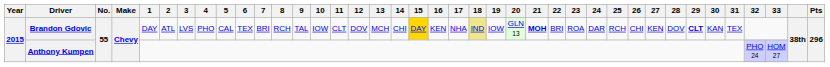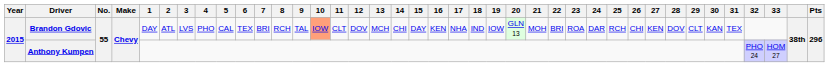 <table class="wikitable" style="text-align:center; font-size:75%">
 <tr>
 <th>Year</th>
 <th>Driver</th>
 <th>No.</th>
 <th>Make</th>
 <th>1</th>
 <th>2</th>
 <th>3</th>
 <th>4</th>
 <th>5</th>
 <th>6</th>
 <th>7</th>
 <th>8</th>
 <th>9</th>
 <th>10</th>
 <th>11</th>
 <th>12</th>
 <th>13</th>
 <th>14</th>
 <th>15</th>
 <th>16</th>
 <th>17</th>
 <th>18</th>
 <th>19</th>
 <th>20</th>
 <th>21</th>
 <th>22</th>
 <th>23</th>
 <th>24</th>
 <th>25</th>
 <th>26</th>
 <th>27</th>
 <th>28</th>
 <th>29</th>
 <th>30</th>
 <th>31</th>
 <th>32</th>
 <th>33</th>
 <th></th>
 <th>Pts</th>
 </tr>
 <tr>
 <th rowspan=2><a href='#'>2015</a></th>
 <th><a href='#'>Brandon Gdovic</a></th>
 <th rowspan=2>55</th>
 <th rowspan=2><a href='#'>Chevy</a></th>
 <td><a href='#'>DAY</a></td>
 <td><a href='#'>ATL</a></td>
 <td><a href='#'>LVS</a></td>
 <td><a href='#'>PHO</a></td>
 <td><a href='#'>CAL</a></td>
 <td><a href='#'>TEX</a></td>
 <td><a href='#'>BRI</a></td>
 <td><a href='#'>RCH</a></td>
 <td><a href='#'>TAL</a></td>
-<td><a href='#'>IOW</a></td>
+<td style="background: lightsalmon;"><a href='#'>IOW</a></td>
 <td><a href='#'>CLT</a></td>
 <td><a href='#'>DOV</a></td>
 <td><a href='#'>MCH</a></td>
 <td><a href='#'>CHI</a></td>
-<td style="background: gold;"><a href='#'>DAY</a></td>
+<td><a href='#'>DAY</a></td>
 <td><a href='#'>KEN</a></td>
 <td><a href='#'>NHA</a></td>
-<td style="background: khaki;"><a href='#'>IND</a></td>
+<td><a href='#'>IND</a></td>
 <td><a href='#'>IOW</a></td>
 <td style="background:#DFFFDF;"><a href='#'>GLN</a><br><small>13</small></td>
-<td><strong><a href='#'>MOH</a></strong></td>
+<td><a href='#'>MOH</a></td>
 <td><a href='#'>BRI</a></td>
 <td><a href='#'>ROA</a></td>
 <td><a href='#'>DAR</a></td>
 <td><a href='#'>RCH</a></td>
 <td><a href='#'>CHI</a></td>
 <td><a href='#'>KEN</a></td>
 <td><a href='#'>DOV</a></td>
-<td><strong><a href='#'>CLT</a></strong></td>
+<td><a href='#'>CLT</a></td>
 <td><a href='#'>KAN</a></td>
 <td><a href='#'>TEX</a></td>
 <td colspan=2></td>
 <th rowspan=2>38th</th>
 <th rowspan=2>296</th>
 </tr>
 <tr>
 <th><a href='#'>Anthony Kumpen</a></th>
 <td colspan=31></td>
 <td style="background:#CFCFFF;"><a href='#'>PHO</a><br><small>24</small></td>
 <td style="background:#CFCFFF;"><a href='#'>HOM</a><br><small>27</small></td>
 </tr>
 </table>
